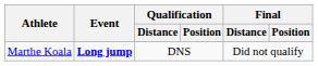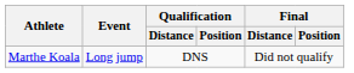 <table class=wikitable style=font-size:90%>
 <tr>
 <th rowspan=2>Athlete</th>
 <th rowspan=2>Event</th>
 <th colspan=2>Qualification</th>
 <th colspan=2>Final</th>
 </tr>
 <tr style=font-size:95%>
 <th>Distance</th>
 <th>Position</th>
 <th>Distance</th>
 <th>Position</th>
 </tr>
 <tr align=center>
 <td align=left><a href='#'>Marthe Koala</a></td>
-<td align=left><strong><a href='#'>Long jump</a></strong></td>
+<td align=left><a href='#'>Long jump</a></td>
 <td colspan="2">DNS</td>
 <td colspan="2">Did not qualify</td>
 </tr>
 </table>
